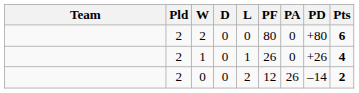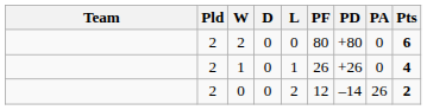 <table class="wikitable" style="text-align:center;">
 <tr>
 <th width=190>Team</th>
 <th width=20 abbr="Played">Pld</th>
 <th width=20 abbr="Won">W</th>
 <th width=20 abbr="Drawn">D</th>
 <th width=20 abbr="Lost">L</th>
 <th width=20 abbr="Points for">PF</th>
+<th width=25 abbr="Points difference">PD</th>
 <th width=20 abbr="Points against">PA</th>
-<th width=25 abbr="Points difference">PD</th>
 <th width=20 abbr="Points">Pts</th>
 </tr>
 <tr>
 <td align=left></td>
 <td>2</td>
 <td>2</td>
 <td>0</td>
 <td>0</td>
 <td>80</td>
+<td>+80</td>
 <td>0</td>
-<td>+80</td>
 <td><strong>6</strong></td>
 </tr>
 <tr>
 <td align=left></td>
 <td>2</td>
 <td>1</td>
 <td>0</td>
 <td>1</td>
 <td>26</td>
+<td>+26</td>
 <td>0</td>
-<td>+26</td>
 <td><strong>4</strong></td>
 </tr>
 <tr>
 <td align=left></td>
 <td>2</td>
 <td>0</td>
 <td>0</td>
 <td>2</td>
 <td>12</td>
+<td>–14</td>
 <td>26</td>
-<td>–14</td>
 <td><strong>2</strong></td>
 </tr>
 </table>
